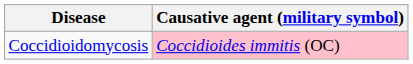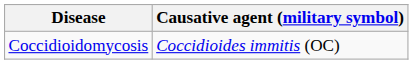 <table class ="wikitable sortable">
 <tr>
 <th>Disease</th>
 <th>Causative agent (<a href='#'>military symbol</a>)</th>
 </tr>
 <tr>
 <td><a href='#'>Coccidioidomycosis</a></td>
-<td style="background: pink;"><em><a href='#'>Coccidioides immitis</a></em> (OC)</td>
+<td><em><a href='#'>Coccidioides immitis</a></em> (OC)</td>
 </tr>
 </table>
